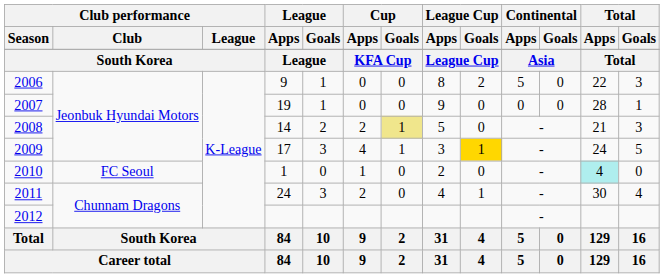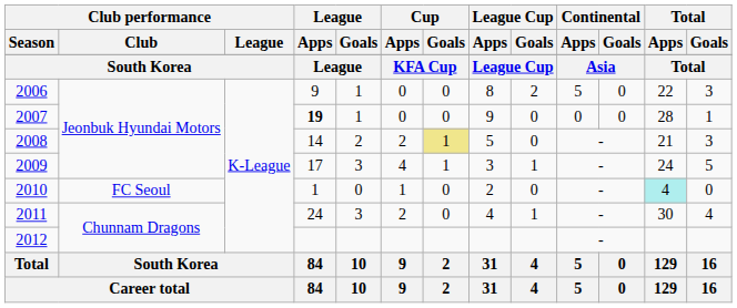 <table class="wikitable" style="text-align:center">
 <tr>
 <th colspan=3>Club performance</th>
 <th colspan=2>League</th>
 <th colspan=2>Cup</th>
 <th colspan=2>League Cup</th>
 <th colspan=2>Continental</th>
 <th colspan=2>Total</th>
 </tr>
 <tr>
 <th>Season</th>
 <th>Club</th>
 <th>League</th>
 <th>Apps</th>
 <th>Goals</th>
 <th>Apps</th>
 <th>Goals</th>
 <th>Apps</th>
 <th>Goals</th>
 <th>Apps</th>
 <th>Goals</th>
 <th>Apps</th>
 <th>Goals</th>
 </tr>
 <tr>
 </tr>
 <tr>
 <th colspan=3>South Korea</th>
 <th colspan=2>League</th>
 <th colspan=2><a href='#'>KFA Cup</a></th>
 <th colspan=2><a href='#'>League Cup</a></th>
 <th colspan=2><a href='#'>Asia</a></th>
 <th colspan=2>Total</th>
 </tr>
 <tr>
 <td><a href='#'>2006</a></td>
 <td rowspan="4"><a href='#'>Jeonbuk Hyundai Motors</a></td>
 <td rowspan="7"><a href='#'>K-League</a></td>
 <td>9</td>
 <td>1</td>
 <td>0</td>
 <td>0</td>
 <td>8</td>
 <td>2</td>
 <td>5</td>
 <td>0</td>
 <td>22</td>
 <td>3</td>
 </tr>
 <tr>
 <td><a href='#'>2007</a></td>
-<td>19</td>
+<td><strong>19</strong></td>
 <td>1</td>
 <td>0</td>
 <td>0</td>
 <td>9</td>
 <td>0</td>
 <td>0</td>
 <td>0</td>
 <td>28</td>
 <td>1</td>
 </tr>
 <tr>
 <td><a href='#'>2008</a></td>
 <td>14</td>
 <td>2</td>
 <td>2</td>
 <td style="background: khaki;">1</td>
 <td>5</td>
 <td>0</td>
 <td colspan="2">-</td>
 <td>21</td>
 <td>3</td>
 </tr>
 <tr>
 <td><a href='#'>2009</a></td>
 <td>17</td>
 <td>3</td>
 <td>4</td>
 <td>1</td>
 <td>3</td>
-<td style="background: gold;">1</td>
+<td>1</td>
 <td colspan="2">-</td>
 <td>24</td>
 <td>5</td>
 </tr>
 <tr>
 <td><a href='#'>2010</a></td>
 <td rowspan="1"><a href='#'>FC Seoul</a></td>
 <td>1</td>
 <td>0</td>
 <td>1</td>
 <td>0</td>
 <td>2</td>
 <td>0</td>
 <td colspan="2">-</td>
 <td style="background: paleturquoise;">4</td>
 <td>0</td>
 </tr>
 <tr>
 <td><a href='#'>2011</a></td>
 <td rowspan="2"><a href='#'>Chunnam Dragons</a></td>
 <td>24</td>
 <td>3</td>
 <td>2</td>
 <td>0</td>
 <td>4</td>
 <td>1</td>
 <td colspan="2">-</td>
 <td>30</td>
 <td>4</td>
 </tr>
 <tr>
 <td><a href='#'>2012</a></td>
 <td></td>
 <td></td>
 <td></td>
 <td></td>
 <td></td>
 <td></td>
 <td colspan="2">-</td>
 <td></td>
 <td></td>
 </tr>
 <tr>
 <th rowspan=1>Total</th>
 <th colspan=2>South Korea</th>
 <th>84</th>
 <th>10</th>
 <th>9</th>
 <th>2</th>
 <th>31</th>
 <th>4</th>
 <th>5</th>
 <th>0</th>
 <th>129</th>
 <th>16</th>
 </tr>
 <tr>
 <th colspan=3>Career total</th>
 <th>84</th>
 <th>10</th>
 <th>9</th>
 <th>2</th>
 <th>31</th>
 <th>4</th>
 <th>5</th>
 <th>0</th>
 <th>129</th>
 <th>16</th>
 </tr>
 </table>
